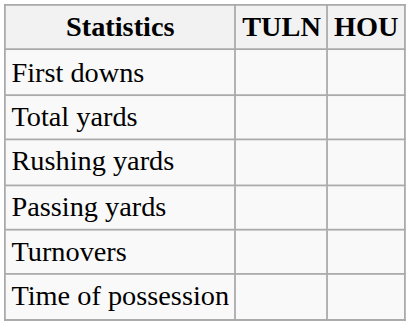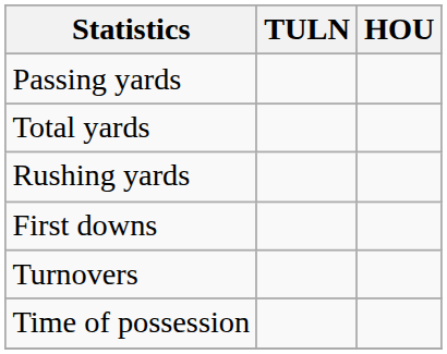 <table class="wikitable">
 <tr>
 <th>Statistics</th>
 <th>TULN</th>
 <th>HOU</th>
 </tr>
 <tr>
-<td>First downs</td>
+<td>Passing yards</td>
 <td></td>
 <td></td>
 </tr>
 <tr>
 <td>Total yards</td>
 <td></td>
 <td></td>
 </tr>
 <tr>
 <td>Rushing yards</td>
 <td></td>
 <td></td>
 </tr>
 <tr>
-<td>Passing yards</td>
+<td>First downs</td>
 <td></td>
 <td></td>
 </tr>
 <tr>
 <td>Turnovers</td>
 <td></td>
 <td></td>
 </tr>
 <tr>
 <td>Time of possession</td>
 <td></td>
 <td></td>
 </tr>
 <tr>
 </tr>
 </table>
